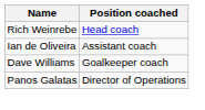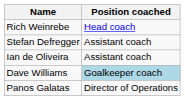 <table class="wikitable" style="font-size:%;">
 <tr>
 <th>Name</th>
 <th>Position coached</th>
 </tr>
 <tr>
 <td>Rich Weinrebe</td>
 <td><a href='#'>Head coach</a></td>
 </tr>
 <tr>
+<td>Stefan Defregger</td>
+<td>Assistant coach</td>
+</tr>
+<tr>
 <td>Ian de Oliveira</td>
 <td>Assistant coach</td>
 </tr>
 <tr>
 <td>Dave Williams</td>
-<td>Goalkeeper coach</td>
+<td style="background: lightblue;">Goalkeeper coach</td>
 </tr>
 <tr>
 <td>Panos Galatas</td>
 <td>Director of Operations</td>
 </tr>
 </table>
